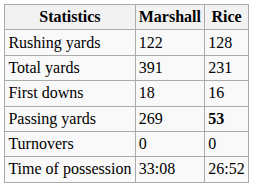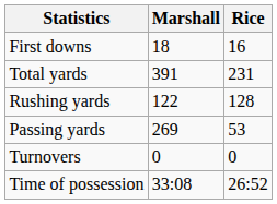 <table class="wikitable" style="float: right;">
 <tr>
 <th>Statistics</th>
 <th>Marshall</th>
 <th>Rice</th>
 </tr>
 <tr>
-<td>Rushing yards</td>
-<td>122</td>
-<td>128</td>
+<td>First downs</td>
+<td>18</td>
+<td>16</td>
 </tr>
 <tr>
 <td>Total yards</td>
 <td>391</td>
 <td>231</td>
 </tr>
 <tr>
-<td>First downs</td>
-<td>18</td>
-<td>16</td>
+<td>Rushing yards</td>
+<td>122</td>
+<td>128</td>
 </tr>
 <tr>
 <td>Passing yards</td>
 <td>269</td>
-<td><strong>53</strong></td>
+<td>53</td>
 </tr>
 <tr>
 <td>Turnovers</td>
 <td>0</td>
 <td>0</td>
 </tr>
 <tr>
 <td>Time of possession</td>
 <td>33:08</td>
 <td>26:52</td>
 </tr>
 <tr>
 </tr>
 </table>
